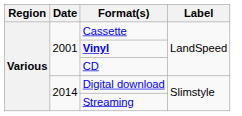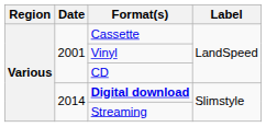 <table class="wikitable plainrowheaders">
 <tr>
 <th scope="col">Region</th>
 <th scope="col">Date</th>
 <th scope="col">Format(s)</th>
 <th scope="col">Label</th>
 </tr>
 <tr>
 <th scope="row" rowspan="5">Various</th>
 <td rowspan="3">2001</td>
 <td><a href='#'>Cassette</a></td>
 <td rowspan="3">LandSpeed</td>
 </tr>
 <tr>
-<td><strong><a href='#'>Vinyl</a></strong></td>
+<td><a href='#'>Vinyl</a></td>
 </tr>
 <tr>
 <td><a href='#'>CD</a></td>
 </tr>
 <tr>
 <td rowspan="2">2014</td>
-<td><a href='#'>Digital download</a></td>
+<td><strong><a href='#'>Digital download</a></strong></td>
 <td rowspan="2">Slimstyle</td>
 </tr>
 <tr>
 <td><a href='#'>Streaming</a></td>
 </tr>
 </table>
